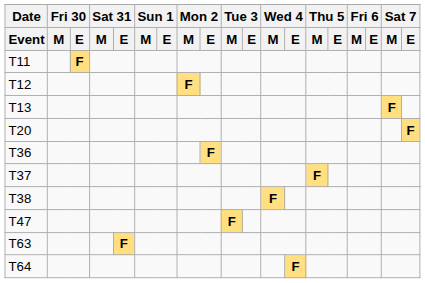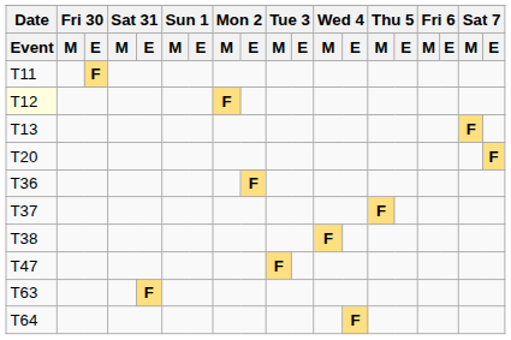 <table class="wikitable" style="margin:0.5em auto; font-size:90%; line-height:1.25em;">
 <tr align="center">
 </tr>
 <tr>
 <th>Date</th>
 <th colspan="2">Fri 30</th>
 <th colspan="2">Sat 31</th>
 <th colspan="2">Sun 1</th>
 <th colspan="2">Mon 2</th>
 <th colspan="2">Tue 3</th>
 <th colspan="2">Wed 4</th>
 <th colspan="2">Thu 5</th>
 <th colspan="2">Fri 6</th>
 <th colspan="2">Sat 7</th>
 </tr>
 <tr>
 <th>Event</th>
 <th>M</th>
 <th>E</th>
 <th>M</th>
 <th>E</th>
 <th>M</th>
 <th>E</th>
 <th>M</th>
 <th>E</th>
 <th>M</th>
 <th>E</th>
 <th>M</th>
 <th>E</th>
 <th>M</th>
 <th>E</th>
 <th>M</th>
 <th>E</th>
 <th>M</th>
 <th>E</th>
 </tr>
 <tr align="center">
 <td align="left">T11</td>
 <td></td>
 <td bgcolor="#FFDF80"><strong>F</strong></td>
 <td colspan="2"></td>
 <td colspan="2"></td>
 <td colspan="2"></td>
 <td colspan="2"></td>
 <td colspan="2"></td>
 <td colspan="2"></td>
 <td colspan="2"></td>
 <td colspan="2"></td>
 </tr>
 <tr align="center">
-<td align="left">T12</td>
+<td align="left" style="background: lightyellow;">T12</td>
 <td colspan="2"></td>
 <td colspan="2"></td>
 <td colspan="2"></td>
 <td bgcolor="#FFDF80"><strong>F</strong></td>
 <td></td>
 <td colspan="2"></td>
 <td colspan="2"></td>
 <td colspan="2"></td>
 <td colspan="2"></td>
 <td colspan="2"></td>
 </tr>
 <tr align="center">
 <td align="left">T13</td>
 <td colspan="2"></td>
 <td colspan="2"></td>
 <td colspan="2"></td>
 <td colspan="2"></td>
 <td colspan="2"></td>
 <td colspan="2"></td>
 <td colspan="2"></td>
 <td colspan="2"></td>
 <td bgcolor="#FFDF80"><strong>F</strong></td>
 <td></td>
 </tr>
 <tr align="center">
 <td align="left">T20</td>
 <td colspan="2"></td>
 <td colspan="2"></td>
 <td colspan="2"></td>
 <td colspan="2"></td>
 <td colspan="2"></td>
 <td colspan="2"></td>
 <td colspan="2"></td>
 <td colspan="2"></td>
 <td></td>
 <td bgcolor="#FFDF80"><strong>F</strong></td>
 </tr>
 <tr align="center">
 <td align="left">T36</td>
 <td colspan="2"></td>
 <td colspan="2"></td>
 <td colspan="2"></td>
 <td></td>
 <td bgcolor="#FFDF80"><strong>F</strong></td>
 <td colspan="2"></td>
 <td colspan="2"></td>
 <td colspan="2"></td>
 <td colspan="2"></td>
 <td colspan="2"></td>
 </tr>
 <tr align="center">
 <td align="left">T37</td>
 <td colspan="2"></td>
 <td colspan="2"></td>
 <td colspan="2"></td>
 <td colspan="2"></td>
 <td colspan="2"></td>
 <td colspan="2"></td>
 <td bgcolor="#FFDF80"><strong>F</strong></td>
 <td></td>
 <td colspan="2"></td>
 <td colspan="2"></td>
 </tr>
 <tr align="center">
 <td align="left">T38</td>
 <td colspan="2"></td>
 <td colspan="2"></td>
 <td colspan="2"></td>
 <td colspan="2"></td>
 <td colspan="2"></td>
 <td bgcolor="#FFDF80"><strong>F</strong></td>
 <td></td>
 <td colspan="2"></td>
 <td colspan="2"></td>
 <td colspan="2"></td>
 </tr>
 <tr align="center">
 <td align="left">T47</td>
 <td colspan="2"></td>
 <td colspan="2"></td>
 <td colspan="2"></td>
 <td colspan="2"></td>
 <td bgcolor="#FFDF80"><strong>F</strong></td>
 <td></td>
 <td colspan="2"></td>
 <td colspan="2"></td>
 <td colspan="2"></td>
 <td colspan="2"></td>
 </tr>
 <tr align="center">
 <td align="left">T63</td>
 <td colspan="2"></td>
 <td></td>
 <td bgcolor="#FFDF80"><strong>F</strong></td>
 <td colspan="2"></td>
 <td colspan="2"></td>
 <td colspan="2"></td>
 <td colspan="2"></td>
 <td colspan="2"></td>
 <td colspan="2"></td>
 <td colspan="2"></td>
 </tr>
 <tr align="center">
 <td align="left">T64</td>
 <td colspan="2"></td>
 <td colspan="2"></td>
 <td colspan="2"></td>
 <td colspan="2"></td>
 <td colspan="2"></td>
 <td></td>
 <td bgcolor="#FFDF80"><strong>F</strong></td>
 <td colspan="2"></td>
 <td colspan="2"></td>
 <td colspan="2"></td>
 </tr>
 </table>
